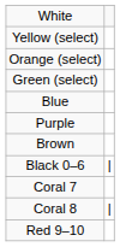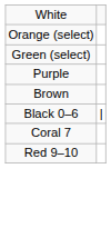 <table class="wikitable" style="float:right; text-align:center;">
 <tr>
 <td>White</td>
 <td style="brackground:white;"></td>
-</tr>
-<tr>
-<td>Yellow (select)</td>
-<td style="background:white;"></td>
 </tr>
 <tr>
 <td>Orange (select)</td>
 <td style="background:white;"></td>
 </tr>
 <tr>
 <td>Green (select)</td>
-<td style="background:white;"></td>
-</tr>
-<tr>
-<td>Blue</td>
 <td style="background:white;"></td>
 </tr>
 <tr>
 <td>Purple</td>
 <td style="background:white;"></td>
 </tr>
 <tr>
 <td>Brown</td>
 <td style="background:white;"></td>
 </tr>
 <tr>
 <td>Black 0–6</td>
 <td style="background:white;">|</td>
 </tr>
 <tr>
 <td>Coral 7</td>
 <td style="background:white;"></td>
 </tr>
 <tr>
-<td>Coral 8</td>
-<td style="background:white;">|</td>
-</tr>
-<tr>
 <td>Red 9–10</td>
 <td style="background:white;"></td>
 </tr>
 </table>
